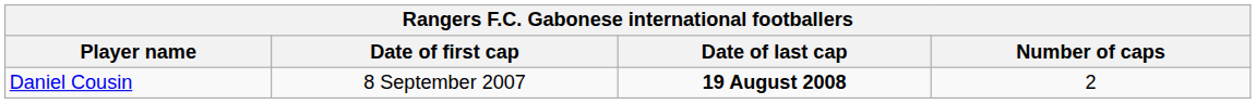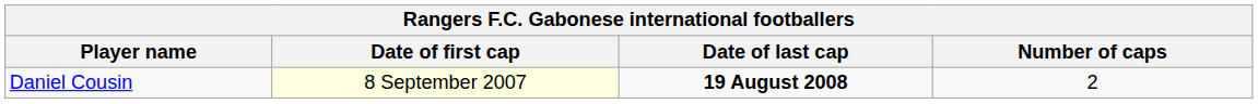 <table class="wikitable plainrowheaders" style="width: 80%;">
 <tr>
 <th colspan=5>Rangers F.C. Gabonese international footballers </th>
 </tr>
 <tr>
 <th scope="col">Player name</th>
 <th scope="col">Date of first cap</th>
 <th scope="col">Date of last cap</th>
 <th scope="col">Number of caps</th>
 </tr>
 <tr>
 <td><a href='#'>Daniel Cousin</a></td>
-<td align="center">8 September 2007</td>
+<td align="center" style="background: lightyellow;">8 September 2007</td>
 <td align="center"><strong>19 August 2008</strong></td>
 <td align="center">2</td>
 </tr>
 </table>
